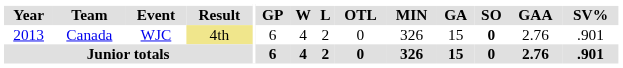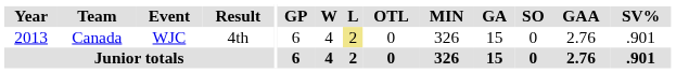 <table border="0" cellpadding="1" cellspacing="0" style="text-align:center; width:40em">
 <tr style="background:#e0e0e0;">
 <th colspan="4" style="background:#fff;"></th>
 <th rowspan="99" style="background:#fff;"></th>
 </tr>
 <tr style="background:#e0e0e0;" align="centre">
 <th>Year</th>
 <th>Team</th>
 <th>Event</th>
 <th>Result</th>
 <th>GP</th>
 <th>W</th>
 <th>L</th>
 <th>OTL</th>
 <th>MIN</th>
 <th>GA</th>
 <th>SO</th>
 <th>GAA</th>
 <th>SV%</th>
 </tr>
 <tr ALIGN="centre">
 <td><a href='#'>2013</a></td>
 <td><a href='#'>Canada</a></td>
 <td><a href='#'>WJC</a></td>
-<td style="background: khaki;">4th</td>
+<td>4th</td>
 <td>6</td>
 <td>4</td>
-<td>2</td>
+<td style="background: khaki;">2</td>
 <td>0</td>
 <td>326</td>
 <td>15</td>
-<td><strong>0</strong></td>
+<td>0</td>
 <td>2.76</td>
 <td>.901</td>
 </tr>
 <tr style="background:#e0e0e0;" align="centre">
 <th colspan=4>Junior totals</th>
 <th>6</th>
 <th>4</th>
 <th>2</th>
 <th>0</th>
 <th>326</th>
 <th>15</th>
 <th>0</th>
 <th>2.76</th>
 <th>.901</th>
 </tr>
 </table>
